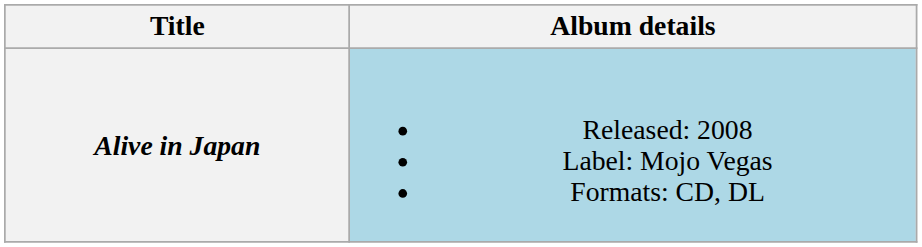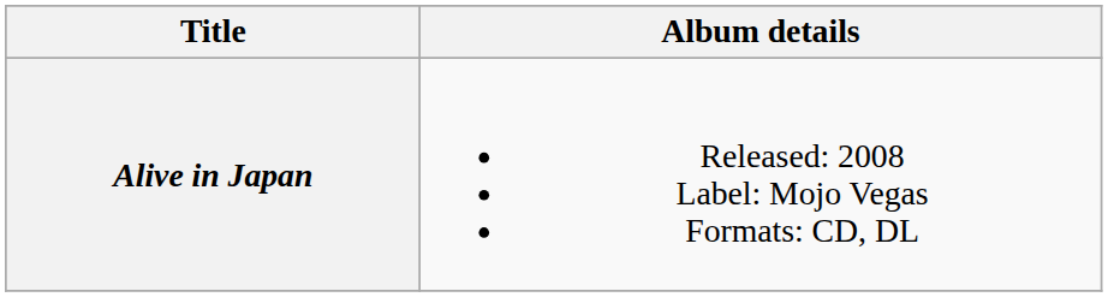 <table class="wikitable plainrowheaders" style="text-align:center;">
 <tr>
 <th scope="col" style="width:12em;">Title</th>
 <th scope="col" style="width:20em;">Album details</th>
 </tr>
 <tr>
 <th scope="row"><em>Alive in Japan</em></th>
-<td style="background: lightblue;"><br><ul><li>Released: 2008</li><li>Label: Mojo Vegas</li><li>Formats: CD, DL</li></ul></td>
+<td><br><ul><li>Released: 2008</li><li>Label: Mojo Vegas</li><li>Formats: CD, DL</li></ul></td>
 </tr>
 </table>
